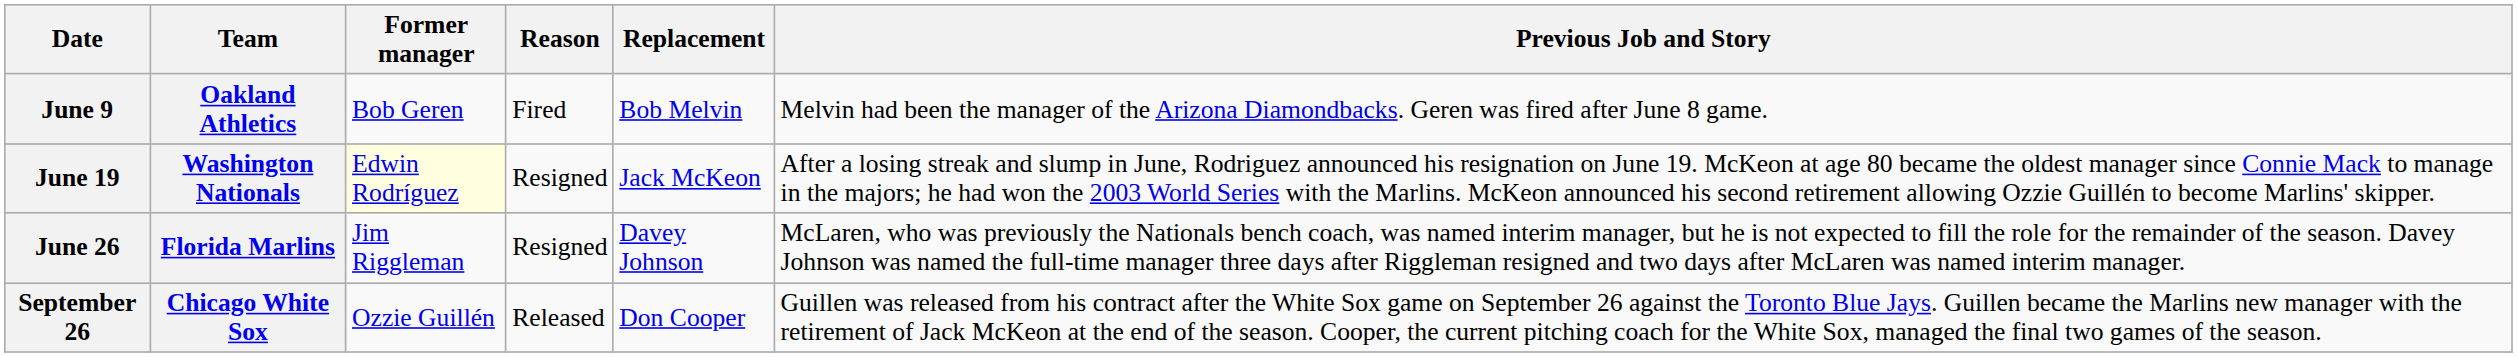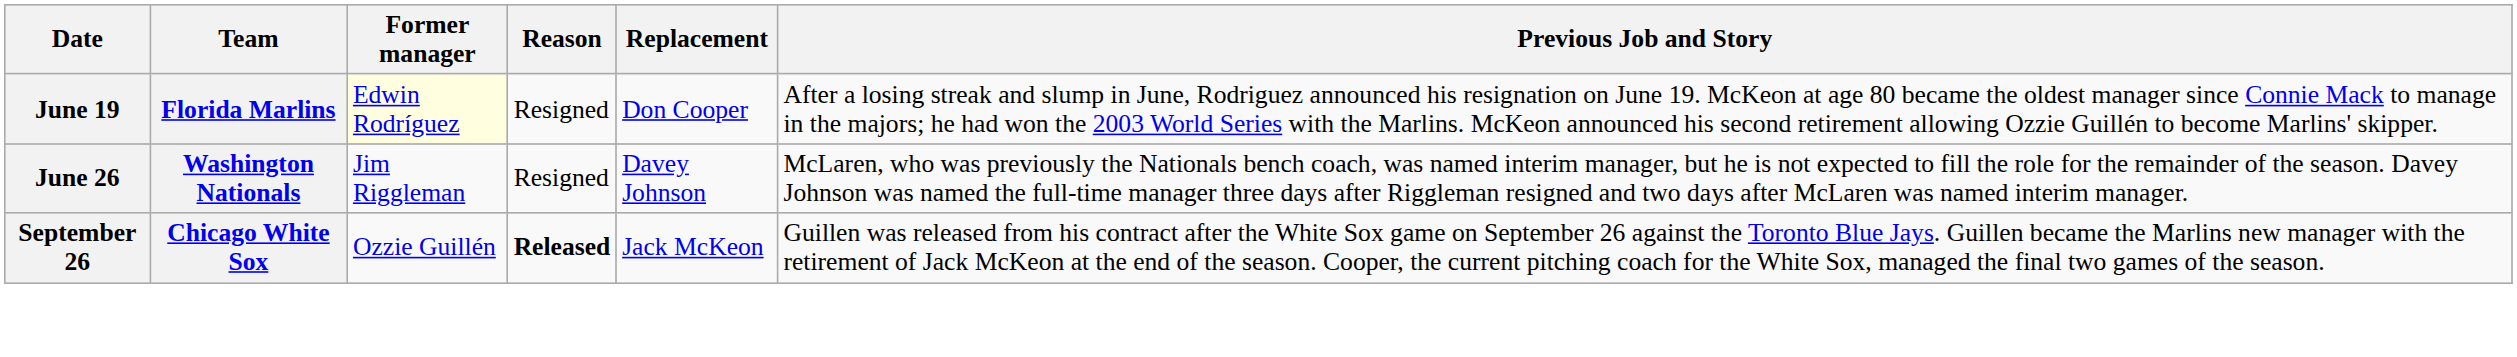 <table class="wikitable" style="font-size=:95%;">
 <tr>
 <th>Date</th>
 <th>Team</th>
 <th>Former manager</th>
 <th>Reason</th>
 <th>Replacement</th>
 <th>Previous Job and Story</th>
 </tr>
 <tr>
-<th>June 9</th>
-<th><a href='#'>Oakland Athletics</a></th>
-<td><a href='#'>Bob Geren</a></td>
-<td>Fired</td>
-<td><a href='#'>Bob Melvin</a></td>
-<td>Melvin had been the manager of the <a href='#'>Arizona Diamondbacks</a>. Geren was fired after June 8 game.</td>
-</tr>
-<tr>
 <th>June 19</th>
-<th><a href='#'>Washington Nationals</a></th>
+<th><a href='#'>Florida Marlins</a></th>
 <td style="background: lightyellow;"><a href='#'>Edwin Rodríguez</a></td>
 <td>Resigned</td>
-<td><a href='#'>Jack McKeon</a></td>
+<td><a href='#'>Don Cooper</a></td>
 <td>After a losing streak and slump in June, Rodriguez announced his resignation on June 19. McKeon at age 80 became the oldest manager since <a href='#'>Connie Mack</a> to manage in the majors; he had won the <a href='#'>2003 World Series</a> with the Marlins. McKeon announced his second retirement allowing Ozzie Guillén to become Marlins' skipper.</td>
 </tr>
 <tr>
 <th>June 26<br></th>
-<th><a href='#'>Florida Marlins</a></th>
+<th><a href='#'>Washington Nationals</a></th>
 <td><a href='#'>Jim Riggleman</a></td>
 <td>Resigned</td>
 <td><a href='#'>Davey Johnson</a><br></td>
 <td>McLaren, who was previously the Nationals bench coach, was named interim manager, but he is not expected to fill the role for the remainder of the season. Davey Johnson was named the full-time manager three days after Riggleman resigned and two days after McLaren was named interim manager.</td>
 </tr>
 <tr>
 <th>September 26</th>
 <th><a href='#'>Chicago White Sox</a></th>
 <td><a href='#'>Ozzie Guillén</a></td>
-<td>Released</td>
-<td><a href='#'>Don Cooper</a></td>
+<td><strong>Released</strong></td>
+<td><a href='#'>Jack McKeon</a></td>
 <td>Guillen was released from his contract after the White Sox game on September 26 against the <a href='#'>Toronto Blue Jays</a>. Guillen became the Marlins new manager with the retirement of Jack McKeon at the end of the season. Cooper, the current pitching coach for the White Sox, managed the final two games of the season.</td>
 </tr>
 </table>
